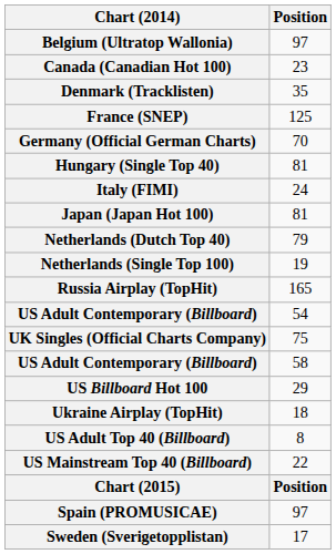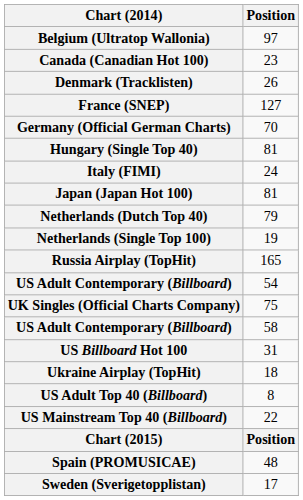 <table class="wikitable sortable plainrowheaders" style="text-align:center;">
 <tr>
 <th scope="col">Chart (2014)</th>
 <th scope="col">Position</th>
 </tr>
 <tr>
 <th scope="row">Belgium (Ultratop Wallonia)</th>
 <td style="text-align:center;">97</td>
 </tr>
 <tr>
 <th scope="row">Canada (Canadian Hot 100)</th>
 <td style="text-align:center;">23</td>
 </tr>
 <tr>
 <th scope="row">Denmark (Tracklisten)</th>
-<td style="text-align:center;">35</td>
+<td style="text-align:center;">26</td>
 </tr>
 <tr>
 <th scope="row">France (SNEP)</th>
-<td style="text-align:center;">125</td>
+<td style="text-align:center;">127</td>
 </tr>
 <tr>
 <th scope="row">Germany (Official German Charts)</th>
 <td style="text-align:center;">70</td>
 </tr>
 <tr>
 <th scope="row">Hungary (Single Top 40)</th>
 <td style="text-align:center;">81</td>
 </tr>
 <tr>
 <th scope="row">Italy (FIMI)</th>
 <td style="text-align:center;">24</td>
 </tr>
 <tr>
 <th scope="row">Japan (Japan Hot 100)</th>
 <td style="text-align:center;">81</td>
 </tr>
 <tr>
 <th scope="row">Netherlands (Dutch Top 40)</th>
 <td style="text-align:center;">79</td>
 </tr>
 <tr>
 <th scope="row">Netherlands (Single Top 100)</th>
 <td style="text-align:center;">19</td>
 </tr>
 <tr>
 <th scope="row">Russia Airplay (TopHit)</th>
 <td style="text-align:center;">165</td>
 </tr>
 <tr>
 <th scope="row">US Adult Contemporary (<em>Billboard</em>)</th>
 <td style="text-align:center;">54</td>
 </tr>
 <tr>
 <th scope="row">UK Singles (Official Charts Company)</th>
 <td style="text-align:center;">75</td>
 </tr>
 <tr>
 <th scope="row">US Adult Contemporary (<em>Billboard</em>)</th>
 <td style="text-align:center;">58</td>
 </tr>
 <tr>
 <th scope="row">US <em>Billboard</em> Hot 100</th>
-<td style="text-align:center;">29</td>
+<td style="text-align:center;">31</td>
 </tr>
 <tr>
 <th scope="row">Ukraine Airplay (TopHit)</th>
 <td style="text-align:center;">18</td>
 </tr>
 <tr>
 <th scope="row">US Adult Top 40 (<em>Billboard</em>)</th>
 <td style="text-align:center;">8</td>
 </tr>
 <tr>
 <th scope="row">US Mainstream Top 40 (<em>Billboard</em>)</th>
 <td style="text-align:center;">22</td>
 </tr>
 <tr>
 <th scope="col">Chart (2015)</th>
 <th scope="col">Position</th>
 </tr>
 <tr>
 <th scope="row">Spain (PROMUSICAE)</th>
-<td>97</td>
+<td>48</td>
 </tr>
 <tr>
 <th scope="row">Sweden (Sverigetopplistan)</th>
 <td style="text-align:center;">17</td>
 </tr>
 </table>
